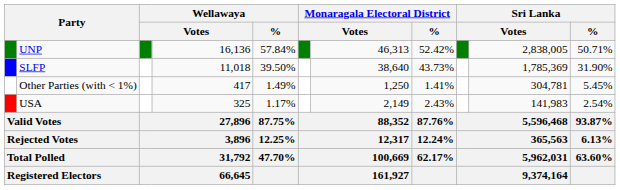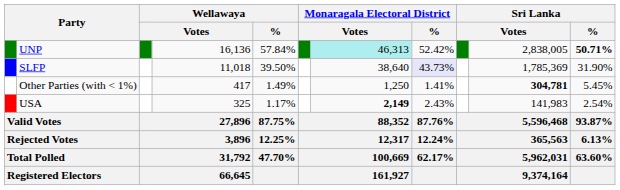 <table class="wikitable">
 <tr>
 <th colspan="2" width="144px"rowspan="2">Party</th>
 <th colspan="3" width="216px">Wellawaya</th>
 <th colspan="3" width="216px"><a href='#'>Monaragala Electoral District</a></th>
 <th colspan="3" width="216px">Sri Lanka</th>
 </tr>
 <tr>
 <th colspan="2" width="144px">Votes</th>
 <th>%</th>
 <th colspan="2" width="144px">Votes</th>
 <th>%</th>
 <th colspan="2" width="144px">Votes</th>
 <th>%</th>
 </tr>
 <tr>
 <td style="background-color:green;" width="10px"></td>
 <td style="text-align:left;"><a href='#'>UNP</a></td>
 <td style="background-color:green;" width="10px"></td>
 <td style="text-align:right;">16,136</td>
 <td style="text-align:right;">57.84%</td>
 <td style="background-color:green;" width="10px"></td>
-<td style="text-align:right;">46,313</td>
+<td style="background: paleturquoise; text-align:right;">46,313</td>
 <td style="text-align:right;">52.42%</td>
 <td style="background-color:green;" width="10px"></td>
 <td style="text-align:right;">2,838,005</td>
-<td style="text-align:right;">50.71%</td>
+<td style="text-align:right;"><strong>50.71%</strong></td>
 </tr>
 <tr>
 <td style="background-color:blue;" width="10px"></td>
 <td style="text-align:left;"><a href='#'>SLFP</a></td>
 <td style="background-color:white;" width="10px"></td>
 <td style="text-align:right;">11,018</td>
 <td style="text-align:right;">39.50%</td>
 <td style="background-color:white;" width="10px"></td>
 <td style="text-align:right;">38,640</td>
-<td style="text-align:right;">43.73%</td>
+<td style="background: lavender; text-align:right;">43.73%</td>
 <td style="background-color:white;" width="10px"></td>
 <td style="text-align:right;">1,785,369</td>
 <td style="text-align:right;">31.90%</td>
 </tr>
 <tr>
 <td style="background-color:white;" width="10px"></td>
 <td style="text-align:left;">Other Parties (with < 1%)</td>
 <td style="background-color:white;" width="10px"></td>
 <td style="text-align:right;">417</td>
 <td style="text-align:right;">1.49%</td>
 <td style="background-color:white;" width="10px"></td>
 <td style="text-align:right;">1,250</td>
 <td style="text-align:right;">1.41%</td>
 <td style="background-color:white;" width="10px"></td>
-<td style="text-align:right;">304,781</td>
+<td style="text-align:right;"><strong>304,781</strong></td>
 <td style="text-align:right;">5.45%</td>
 </tr>
 <tr>
 <td style="background-color:red;" width="10px"></td>
 <td style="text-align:left;">USA</td>
 <td style="background-color:white;" width="10px"></td>
 <td style="text-align:right;">325</td>
 <td style="text-align:right;">1.17%</td>
 <td style="background-color:white;" width="10px"></td>
-<td style="text-align:right;">2,149</td>
+<td style="text-align:right;"><strong>2,149</strong></td>
 <td style="text-align:right;">2.43%</td>
 <td style="background-color:white;" width="10px"></td>
 <td style="text-align:right;">141,983</td>
 <td style="text-align:right;">2.54%</td>
 </tr>
 <tr>
 <th colspan="2" width="144px"style="text-align:left;">Valid Votes</th>
 <th style="text-align:right;"colspan="2" width="144px">27,896</th>
 <th style="text-align:right;">87.75%</th>
 <th style="text-align:right;"colspan="2" width="144px">88,352</th>
 <th style="text-align:right;">87.76%</th>
 <th style="text-align:right;"colspan="2" width="144px">5,596,468</th>
 <th style="text-align:right;">93.87%</th>
 </tr>
 <tr>
 <th colspan="2" width="144px"style="text-align:left;">Rejected Votes</th>
 <th style="text-align:right;"colspan="2" width="144px">3,896</th>
 <th style="text-align:right;">12.25%</th>
 <th style="text-align:right;"colspan="2" width="144px">12,317</th>
 <th style="text-align:right;">12.24%</th>
 <th style="text-align:right;"colspan="2" width="144px">365,563</th>
 <th style="text-align:right;">6.13%</th>
 </tr>
 <tr>
 <th colspan="2" width="144px"style="text-align:left;">Total Polled</th>
 <th style="text-align:right;"colspan="2" width="144px">31,792</th>
 <th style="text-align:right;">47.70%</th>
 <th style="text-align:right;"colspan="2" width="144px">100,669</th>
 <th style="text-align:right;">62.17%</th>
 <th style="text-align:right;"colspan="2" width="144px">5,962,031</th>
 <th style="text-align:right;">63.60%</th>
 </tr>
 <tr>
 <th colspan="2" width="144px"style="text-align:left;">Registered Electors</th>
 <th style="text-align:right;"colspan="2" width="144px">66,645</th>
 <th></th>
 <th style="text-align:right;"colspan="2" width="144px">161,927</th>
 <th></th>
 <th style="text-align:right;"colspan="2" width="144px">9,374,164</th>
 <th></th>
 </tr>
 </table>
